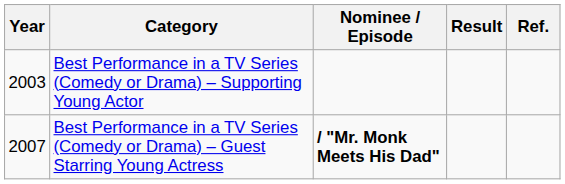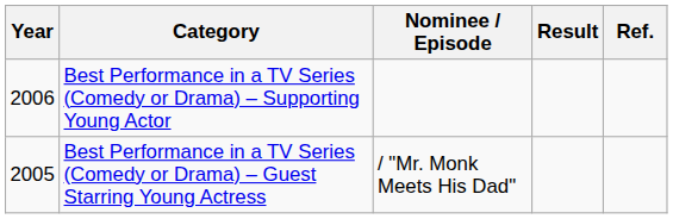 <table class="wikitable" style="width:85%;">
 <tr>
 <th style="width:5%;">Year</th>
 <th style="width:50%;">Category</th>
 <th style="width:25%;">Nominee / Episode</th>
 <th style="width:10%;">Result</th>
 <th style="width:10%;">Ref.</th>
 </tr>
 <tr>
-<td>2003</td>
+<td>2006</td>
 <td><a href='#'>Best Performance in a TV Series (Comedy or Drama) – Supporting Young Actor</a></td>
 <td></td>
 <td></td>
 <td></td>
 </tr>
 <tr>
-<td>2007</td>
+<td>2005</td>
 <td><a href='#'>Best Performance in a TV Series (Comedy or Drama) – Guest Starring Young Actress</a></td>
-<td><strong> / "Mr. Monk Meets His Dad"</strong></td>
+<td> / "Mr. Monk Meets His Dad"</td>
 <td></td>
 <td></td>
 </tr>
 </table>
